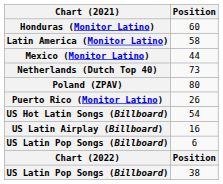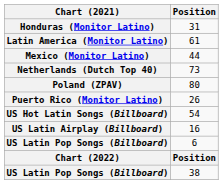 <table class="wikitable sortable plainrowheaders" style="text-align:center">
 <tr>
 <th scope="col">Chart (2021)</th>
 <th scope="col">Position</th>
 </tr>
 <tr>
 <th scope="row">Honduras (<a href='#'>Monitor Latino</a>)</th>
-<td>60</td>
+<td>31</td>
 </tr>
 <tr>
 <th scope="row">Latin America (<a href='#'>Monitor Latino</a>)</th>
-<td>58</td>
+<td>61</td>
 </tr>
 <tr>
 <th scope="row">Mexico (<a href='#'>Monitor Latino</a>)</th>
 <td>44</td>
 </tr>
 <tr>
 <th scope="row">Netherlands (Dutch Top 40)</th>
 <td>73</td>
 </tr>
 <tr>
 <th scope="row">Poland (ZPAV)</th>
 <td>80</td>
 </tr>
 <tr>
 <th scope="row">Puerto Rico (<a href='#'>Monitor Latino</a>)</th>
 <td>26</td>
 </tr>
 <tr>
 <th scope="row">US Hot Latin Songs (<em>Billboard</em>)</th>
 <td>54</td>
 </tr>
 <tr>
 <th scope="row">US Latin Airplay (<em>Billboard</em>)</th>
 <td>16</td>
 </tr>
 <tr>
 <th scope="row">US Latin Pop Songs (<em>Billboard</em>)</th>
 <td>6</td>
 </tr>
 <tr>
 <th scope="col">Chart (2022)</th>
 <th scope="col">Position</th>
 </tr>
 <tr>
 <th scope="row">US Latin Pop Songs (<em>Billboard</em>)</th>
 <td>38</td>
 </tr>
 </table>
